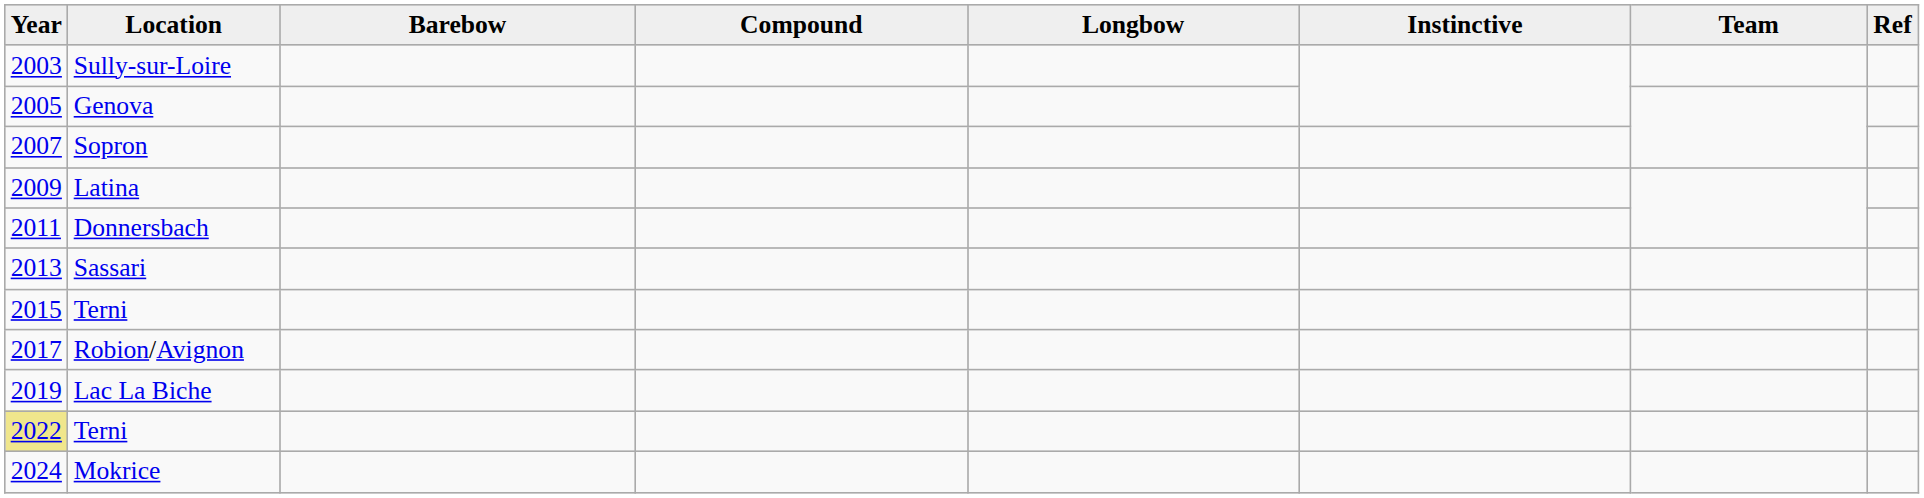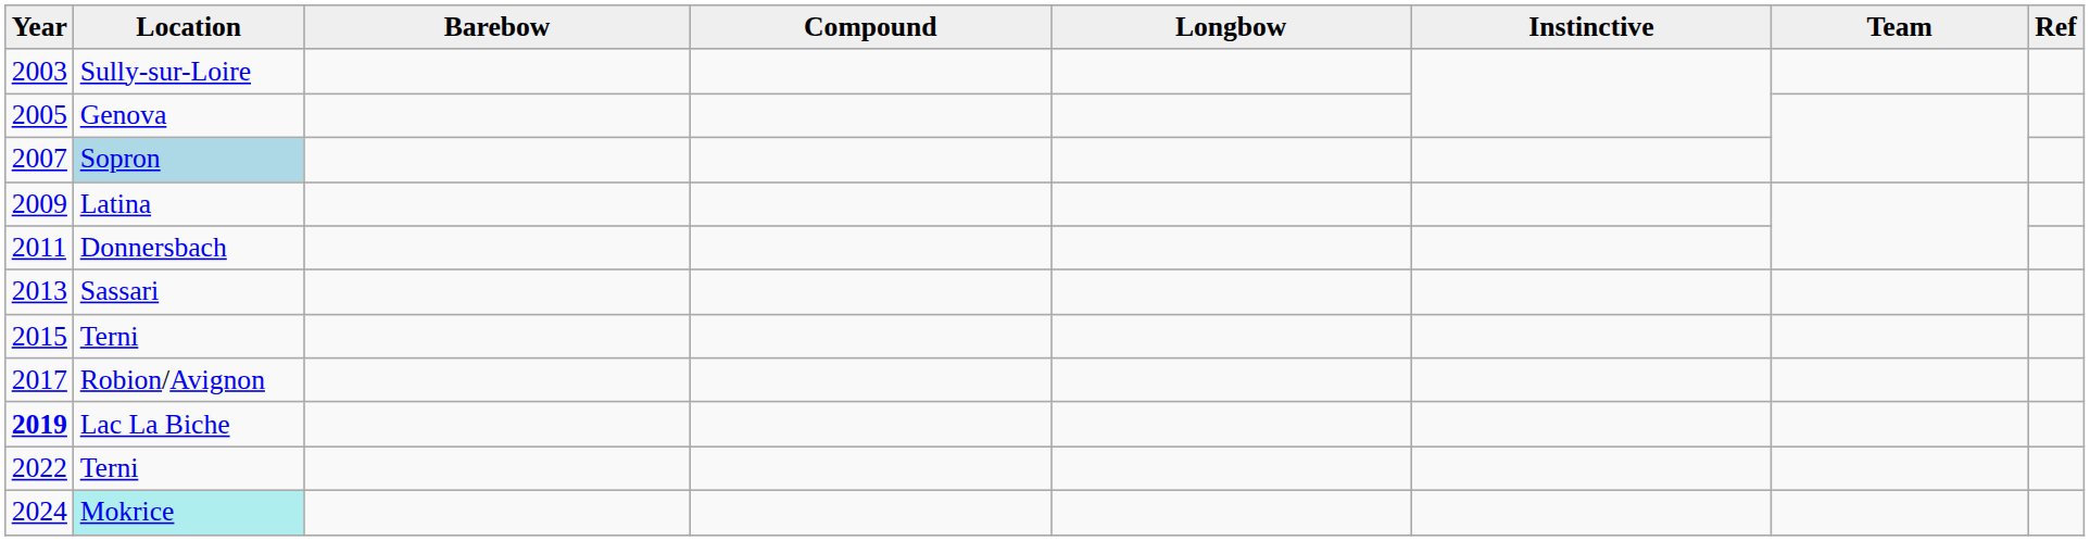 <table class="wikitable">
 <tr>
 <th scope="col" ! width="25" style="background: #efefef;">Year</th>
 <th scope="col" ! width="125" style="background: #efefef;">Location</th>
 <th scope="col" ! width="215" style="background: #efefef;">Barebow</th>
 <th scope="col" ! width="200" style="background: #efefef;">Compound</th>
 <th scope="col" ! width="200" style="background: #efefef;">Longbow</th>
 <th scope="col" ! width="200" style="background: #efefef;">Instinctive</th>
 <th scope="col" ! width="140" style="background: #efefef;">Team</th>
 <th scope="col" ! width="25" style="background: #efefef;">Ref</th>
 </tr>
 <tr>
 <td><a href='#'>2003</a></td>
 <td> <a href='#'>Sully-sur-Loire</a></td>
 <td></td>
 <td></td>
 <td></td>
 <td rowspan=2></td>
 <td></td>
 <td></td>
 </tr>
 <tr>
 <td><a href='#'>2005</a></td>
 <td> <a href='#'>Genova</a></td>
 <td></td>
 <td></td>
 <td></td>
 <td rowspan=2></td>
 <td></td>
 </tr>
 <tr>
 <td><a href='#'>2007</a></td>
-<td> <a href='#'>Sopron</a></td>
+<td style="background: lightblue;"> <a href='#'>Sopron</a></td>
 <td></td>
 <td></td>
 <td></td>
 <td></td>
 <td></td>
 </tr>
 <tr>
 <td><a href='#'>2009</a></td>
 <td> <a href='#'>Latina</a></td>
 <td></td>
 <td></td>
 <td></td>
 <td></td>
 <td rowspan=2></td>
 <td></td>
 </tr>
 <tr>
 <td><a href='#'>2011</a></td>
 <td> <a href='#'>Donnersbach</a></td>
 <td></td>
 <td></td>
 <td></td>
 <td></td>
 <td></td>
 </tr>
 <tr>
 <td><a href='#'>2013</a></td>
 <td> <a href='#'>Sassari</a></td>
 <td></td>
 <td></td>
 <td></td>
 <td></td>
 <td></td>
 <td></td>
 </tr>
 <tr>
 <td><a href='#'>2015</a></td>
 <td> <a href='#'>Terni</a></td>
 <td></td>
 <td></td>
 <td></td>
 <td></td>
 <td></td>
 <td></td>
 </tr>
 <tr>
 <td><a href='#'>2017</a></td>
 <td> <a href='#'>Robion</a>/<a href='#'>Avignon</a></td>
 <td></td>
 <td></td>
 <td></td>
 <td></td>
 <td></td>
 <td></td>
 </tr>
 <tr>
-<td><a href='#'>2019</a></td>
+<td><strong><a href='#'>2019</a></strong></td>
 <td> <a href='#'>Lac La Biche</a></td>
 <td></td>
 <td></td>
 <td></td>
 <td></td>
 <td></td>
 <td></td>
 </tr>
 <tr>
-<td style="background: khaki;"><a href='#'>2022</a></td>
+<td><a href='#'>2022</a></td>
 <td> <a href='#'>Terni</a></td>
 <td></td>
 <td></td>
 <td></td>
 <td></td>
 <td></td>
 <td></td>
 </tr>
 <tr>
 <td><a href='#'>2024</a></td>
-<td> <a href='#'>Mokrice</a></td>
+<td style="background: paleturquoise;"> <a href='#'>Mokrice</a></td>
 <td></td>
 <td></td>
 <td></td>
 <td></td>
 <td></td>
 <td></td>
 </tr>
 </table>
